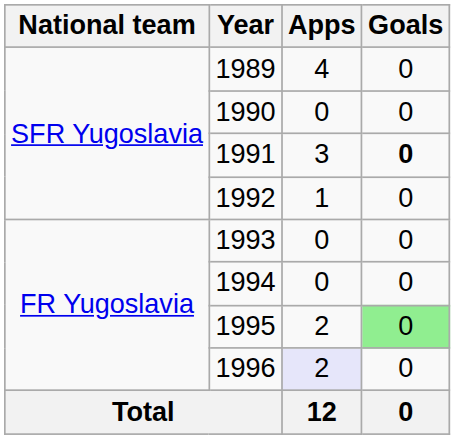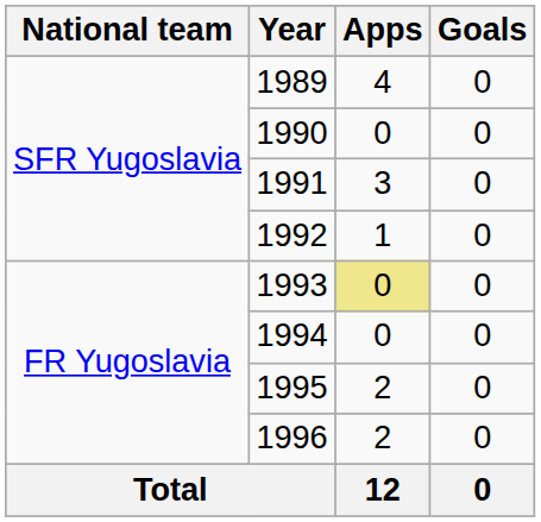 <table class="wikitable" style="text-align:center">
 <tr>
 <th>National team</th>
 <th>Year</th>
 <th>Apps</th>
 <th>Goals</th>
 </tr>
 <tr>
 <td rowspan="4"><a href='#'>SFR Yugoslavia</a></td>
 <td>1989</td>
 <td>4</td>
 <td>0</td>
 </tr>
 <tr>
 <td>1990</td>
 <td>0</td>
 <td>0</td>
 </tr>
 <tr>
 <td>1991</td>
 <td>3</td>
-<td><strong>0</strong></td>
+<td>0</td>
 </tr>
 <tr>
 <td>1992</td>
 <td>1</td>
 <td>0</td>
 </tr>
 <tr>
 <td rowspan="4"><a href='#'>FR Yugoslavia</a></td>
 <td>1993</td>
-<td>0</td>
+<td style="background: khaki;">0</td>
 <td>0</td>
 </tr>
 <tr>
 <td>1994</td>
 <td>0</td>
 <td>0</td>
 </tr>
 <tr>
 <td>1995</td>
 <td>2</td>
-<td style="background: lightgreen;">0</td>
+<td>0</td>
 </tr>
 <tr>
 <td>1996</td>
-<td style="background: lavender;">2</td>
+<td>2</td>
 <td>0</td>
 </tr>
 <tr>
 <th colspan="2">Total</th>
 <th>12</th>
 <th>0</th>
 </tr>
 </table>
